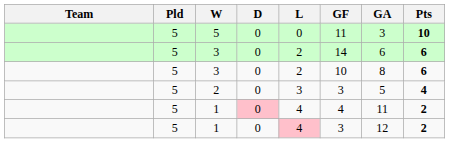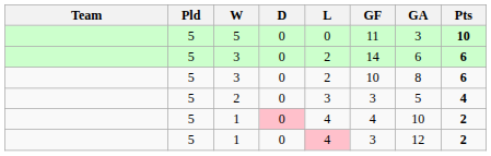 <table class="wikitable" style="text-align:center">
 <tr>
 <th style="width:12em">Team</th>
 <th style="width:3em">Pld</th>
 <th style="width:3em">W</th>
 <th style="width:3em">D</th>
 <th style="width:3em">L</th>
 <th style="width:3em">GF</th>
 <th style="width:3em">GA</th>
 <th style="width:3em">Pts</th>
 </tr>
 <tr style="background:#ccffcc;">
 <td align=left></td>
 <td>5</td>
 <td>5</td>
 <td>0</td>
 <td>0</td>
 <td>11</td>
 <td>3</td>
 <td><strong>10</strong></td>
 </tr>
 <tr style="background:#ccffcc;">
 <td align=left></td>
 <td>5</td>
 <td>3</td>
 <td>0</td>
 <td>2</td>
 <td>14</td>
 <td>6</td>
 <td><strong>6</strong></td>
 </tr>
 <tr>
 <td align=left></td>
 <td>5</td>
 <td>3</td>
 <td>0</td>
 <td>2</td>
 <td>10</td>
 <td>8</td>
 <td><strong>6</strong></td>
 </tr>
 <tr>
 <td align=left></td>
 <td>5</td>
 <td>2</td>
 <td>0</td>
 <td>3</td>
 <td>3</td>
 <td>5</td>
 <td><strong>4</strong></td>
 </tr>
 <tr>
 <td align=left></td>
 <td>5</td>
 <td>1</td>
 <td style="background: pink;">0</td>
 <td>4</td>
 <td>4</td>
-<td>11</td>
+<td>10</td>
 <td><strong>2</strong></td>
 </tr>
 <tr>
 <td align=left></td>
 <td>5</td>
 <td>1</td>
 <td>0</td>
 <td style="background: pink;">4</td>
 <td>3</td>
 <td>12</td>
 <td><strong>2</strong></td>
 </tr>
 </table>
